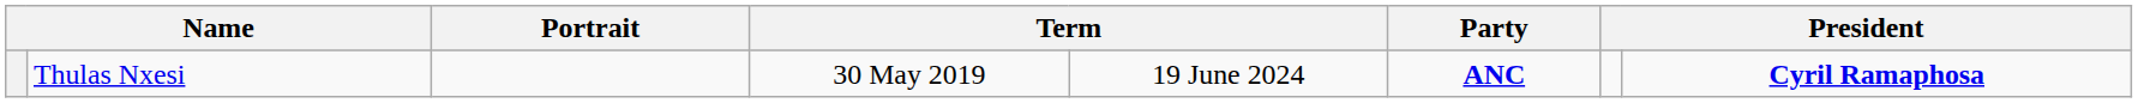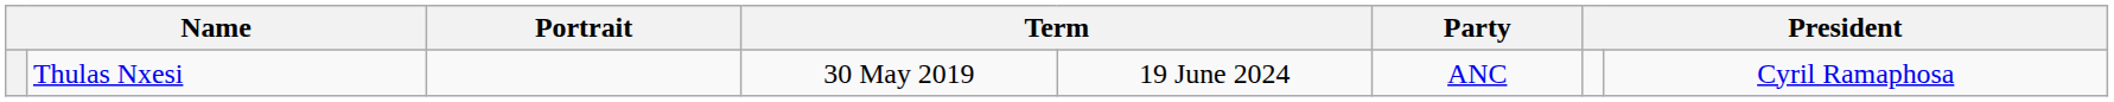 <table class="wikitable" width=60%>
 <tr>
 <th colspan=2 width=20%>Name</th>
 <th width=75>Portrait</th>
 <th colspan=2 width=30%>Term</th>
 <th width=10%>Party</th>
 <th colspan=2 width=25%>President</th>
 </tr>
 <tr style="text-align:center">
 <th style="width:1%;background-color: "></th>
 <td align=left><a href='#'>Thulas Nxesi</a></td>
 <td align=center></td>
 <td>30 May 2019</td>
 <td>19 June 2024</td>
-<td><strong><a href='#'>ANC</a></strong></td>
+<td><a href='#'>ANC</a></td>
 <td style="width:1%;background-color: "></td>
-<td><strong><a href='#'>Cyril Ramaphosa</a><br> </strong></td>
+<td><a href='#'>Cyril Ramaphosa</a><br> </td>
 </tr>
 </table>
